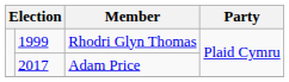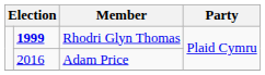 <table class="wikitable">
 <tr>
 <th colspan="2">Election</th>
 <th>Member</th>
 <th>Party</th>
 </tr>
 <tr>
 <td rowspan=2 style="background-color: "></td>
-<td><a href='#'>1999</a></td>
+<td><strong><a href='#'>1999</a></strong></td>
 <td><a href='#'>Rhodri Glyn Thomas</a></td>
 <td rowspan=2><a href='#'>Plaid Cymru</a></td>
 </tr>
 <tr>
-<td><a href='#'>2017</a></td>
+<td><a href='#'>2016</a></td>
 <td><a href='#'>Adam Price</a></td>
 </tr>
 <tr>
 </tr>
 </table>
